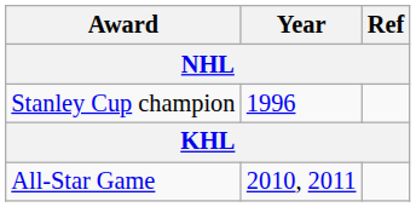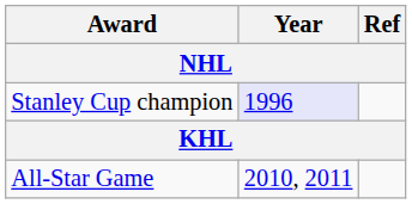 <table class="wikitable">
 <tr>
 <th>Award</th>
 <th>Year</th>
 <th>Ref</th>
 </tr>
 <tr>
 <th colspan="3"><a href='#'>NHL</a></th>
 </tr>
 <tr>
 <td><a href='#'>Stanley Cup</a> champion</td>
-<td><a href='#'>1996</a></td>
+<td style="background: lavender;"><a href='#'>1996</a></td>
 <td></td>
 </tr>
 <tr>
 <th colspan="3"><a href='#'>KHL</a></th>
 </tr>
 <tr>
 <td><a href='#'>All-Star Game</a></td>
 <td><a href='#'>2010</a>, <a href='#'>2011</a></td>
 <td></td>
 </tr>
 </table>
